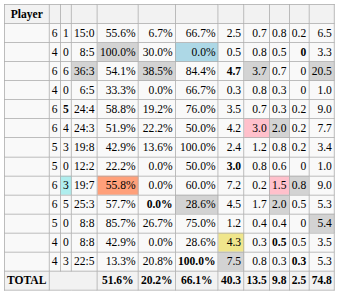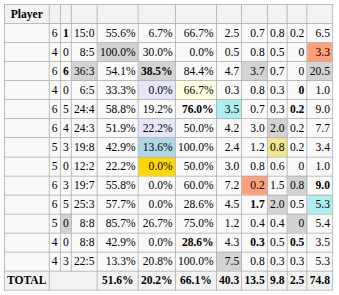 <table class="wikitable sortable" style="font-size:95%; text-align:right;">
 <tr>
 <th>Player</th>
 <th></th>
 <th></th>
 <th></th>
 <th></th>
 <th></th>
 <th></th>
 <th></th>
 <th></th>
 <th></th>
 <th></th>
 <th></th>
 </tr>
 <tr>
 <td></td>
 <td>6</td>
-<td>1</td>
+<td><strong>1</strong></td>
 <td>15:0</td>
 <td>55.6%</td>
 <td>6.7%</td>
 <td>66.7%</td>
 <td>2.5</td>
 <td>0.7</td>
 <td>0.8</td>
 <td>0.2</td>
 <td>6.5</td>
 </tr>
 <tr>
 <td></td>
 <td>4</td>
 <td>0</td>
 <td>8:5</td>
 <td style="background:#D3D3D3;">100.0%</td>
 <td>30.0%</td>
-<td style="background: lightblue;">0.0%</td>
+<td>0.0%</td>
 <td>0.5</td>
 <td>0.8</td>
 <td>0.5</td>
-<td><strong>0</strong></td>
-<td>3.3</td>
+<td>0</td>
+<td style="background: lightsalmon;">3.3</td>
 </tr>
 <tr>
 <td></td>
 <td>6</td>
-<td>6</td>
+<td><strong>6</strong></td>
 <td style="background:#D3D3D3;">36:3</td>
 <td>54.1%</td>
-<td style="background:#D3D3D3;">38.5%</td>
+<td style="background:#D3D3D3;"><strong>38.5%</strong></td>
 <td>84.4%</td>
-<td><strong>4.7</strong></td>
+<td>4.7</td>
 <td style="background:#D3D3D3;">3.7</td>
 <td>0.7</td>
 <td>0</td>
 <td style="background:#D3D3D3;">20.5</td>
 </tr>
 <tr>
 <td></td>
 <td>4</td>
 <td>0</td>
 <td>6:5</td>
 <td>33.3%</td>
-<td>0.0%</td>
-<td>66.7%</td>
+<td style="background: lavender;">0.0%</td>
+<td style="background: lightyellow;">66.7%</td>
 <td>0.3</td>
 <td>0.8</td>
 <td>0.3</td>
-<td>0</td>
+<td><strong>0</strong></td>
 <td>1.0</td>
 </tr>
 <tr>
 <td></td>
 <td>6</td>
-<td><strong>5</strong></td>
+<td>5</td>
 <td>24:4</td>
 <td>58.8%</td>
 <td>19.2%</td>
-<td>76.0%</td>
-<td>3.5</td>
+<td><strong>76.0%</strong></td>
+<td style="background: paleturquoise;">3.5</td>
 <td>0.7</td>
 <td>0.3</td>
-<td>0.2</td>
+<td><strong>0.2</strong></td>
 <td>9.0</td>
 </tr>
 <tr>
 <td></td>
 <td>6</td>
 <td>4</td>
 <td>24:3</td>
 <td>51.9%</td>
-<td>22.2%</td>
+<td style="background: lavender;">22.2%</td>
 <td>50.0%</td>
 <td>4.2</td>
-<td style="background: pink;">3.0</td>
+<td>3.0</td>
 <td style="background:#D3D3D3;">2.0</td>
 <td>0.2</td>
 <td>7.7</td>
 </tr>
 <tr>
 <td></td>
 <td>5</td>
 <td>3</td>
 <td>19:8</td>
 <td>42.9%</td>
-<td>13.6%</td>
+<td style="background: lightblue;">13.6%</td>
 <td>100.0%</td>
 <td>2.4</td>
 <td>1.2</td>
-<td>0.8</td>
+<td style="background: khaki;">0.8</td>
 <td>0.2</td>
 <td>3.4</td>
 </tr>
 <tr>
 <td></td>
 <td>5</td>
 <td>0</td>
 <td>12:2</td>
 <td>22.2%</td>
-<td>0.0%</td>
+<td style="background: gold;">0.0%</td>
 <td>50.0%</td>
-<td><strong>3.0</strong></td>
+<td>3.0</td>
 <td>0.8</td>
 <td>0.6</td>
 <td>0</td>
 <td>1.0</td>
 </tr>
 <tr>
 <td></td>
 <td>6</td>
-<td style="background: paleturquoise;">3</td>
+<td>3</td>
 <td>19:7</td>
-<td style="background: lightsalmon;">55.8%</td>
+<td>55.8%</td>
 <td>0.0%</td>
 <td>60.0%</td>
 <td>7.2</td>
-<td>0.2</td>
-<td style="background: pink;">1.5</td>
+<td style="background: lightsalmon;">0.2</td>
+<td>1.5</td>
 <td style="background:#D3D3D3;">0.8</td>
-<td>9.0</td>
+<td><strong>9.0</strong></td>
 </tr>
 <tr>
 <td></td>
 <td>6</td>
 <td>5</td>
 <td>25:3</td>
 <td>57.7%</td>
-<td><strong>0.0%</strong></td>
-<td style="background: lightgrey;">28.6%</td>
+<td>0.0%</td>
+<td>28.6%</td>
 <td>4.5</td>
-<td>1.7</td>
+<td><strong>1.7</strong></td>
 <td style="background:#D3D3D3;">2.0</td>
 <td>0.5</td>
-<td>5.3</td>
+<td style="background: paleturquoise;">5.3</td>
 </tr>
 <tr>
 <td></td>
 <td>5</td>
-<td>0</td>
+<td style="background: lightgrey;">0</td>
 <td>8:8</td>
 <td>85.7%</td>
 <td>26.7%</td>
 <td>75.0%</td>
 <td>1.2</td>
 <td>0.4</td>
 <td>0.4</td>
-<td>0</td>
-<td style="background: lightgrey;">5.4</td>
+<td style="background: lightgrey;">0</td>
+<td>5.4</td>
 </tr>
 <tr>
 <td></td>
 <td>4</td>
 <td>0</td>
 <td>8:8</td>
 <td>42.9%</td>
 <td>0.0%</td>
-<td>28.6%</td>
-<td style="background: khaki;">4.3</td>
-<td>0.3</td>
+<td><strong>28.6%</strong></td>
+<td>4.3</td>
+<td><strong>0.3</strong></td>
+<td>0.5</td>
 <td><strong>0.5</strong></td>
-<td>0.5</td>
 <td>3.5</td>
 </tr>
 <tr>
 <td></td>
 <td>4</td>
 <td>3</td>
 <td>22:5</td>
 <td>13.3%</td>
 <td>20.8%</td>
-<td><strong>100.0%</strong></td>
+<td>100.0%</td>
 <td style="background:#D3D3D3;">7.5</td>
 <td>0.8</td>
 <td>0.3</td>
-<td><strong>0.3</strong></td>
+<td>0.3</td>
 <td>5.3</td>
 </tr>
 <tr>
 <th align=center><strong>TOTAL</strong></th>
 <th colspan=3></th>
 <th>51.6%</th>
 <th>20.2%</th>
 <th>66.1%</th>
 <th>40.3</th>
 <th>13.5</th>
 <th>9.8</th>
 <th>2.5</th>
 <th>74.8</th>
 </tr>
 </table>
